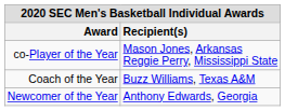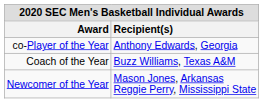 <table class="wikitable" style="white-space:nowrap; font-size:90%;">
 <tr>
 <td colspan="7" style="text-align:center; background:#ddd;"><strong>2020 SEC Men's Basketball Individual Awards</strong> </td>
 </tr>
 <tr>
 <th style="text-align:right;">Award</th>
 <th style="text-align:left;">Recipient(s)</th>
 </tr>
 <tr>
 <td style="text-align:right;">co-<a href='#'>Player of the Year</a></td>
-<td style="text-align:left;"><a href='#'>Mason Jones</a>, <a href='#'>Arkansas</a><br><a href='#'>Reggie Perry</a>, <a href='#'>Mississippi State</a></td>
+<td style="text-align:left;"><a href='#'>Anthony Edwards</a>, <a href='#'>Georgia</a></td>
 </tr>
 <tr>
 <td style="text-align:right;">Coach of the Year</td>
 <td style="text-align:left;"><a href='#'>Buzz Williams</a>, <a href='#'>Texas A&M</a></td>
 </tr>
 <tr>
 <td style="text-align:right;"><a href='#'>Newcomer of the Year</a></td>
-<td style="text-align:left;"><a href='#'>Anthony Edwards</a>, <a href='#'>Georgia</a></td>
+<td style="text-align:left;"><a href='#'>Mason Jones</a>, <a href='#'>Arkansas</a><br><a href='#'>Reggie Perry</a>, <a href='#'>Mississippi State</a></td>
 </tr>
 </table>
